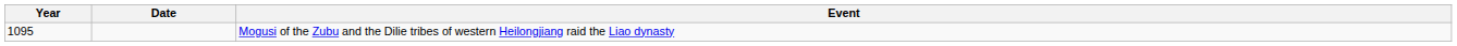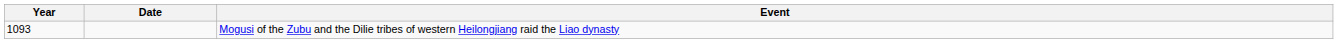 <table class="wikitable" width="100%">
 <tr>
 <th style="width:6%">Year</th>
 <th style="width:10%">Date</th>
 <th>Event</th>
 </tr>
 <tr>
-<td>1095</td>
+<td>1093</td>
 <td></td>
 <td><a href='#'>Mogusi</a> of the <a href='#'>Zubu</a> and the Dilie tribes of western <a href='#'>Heilongjiang</a> raid the <a href='#'>Liao dynasty</a></td>
 </tr>
 </table>
